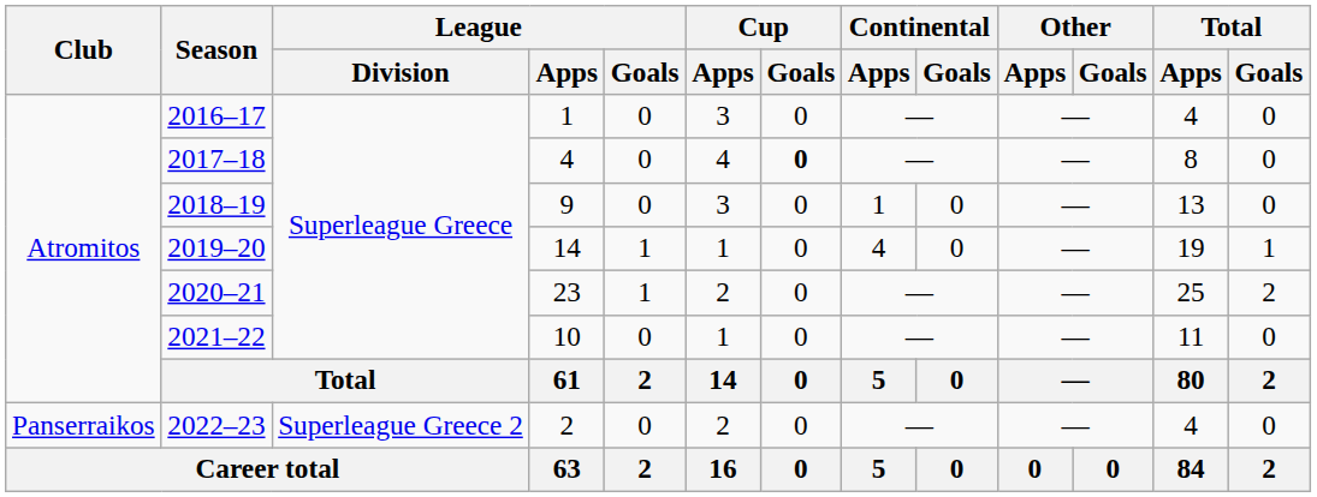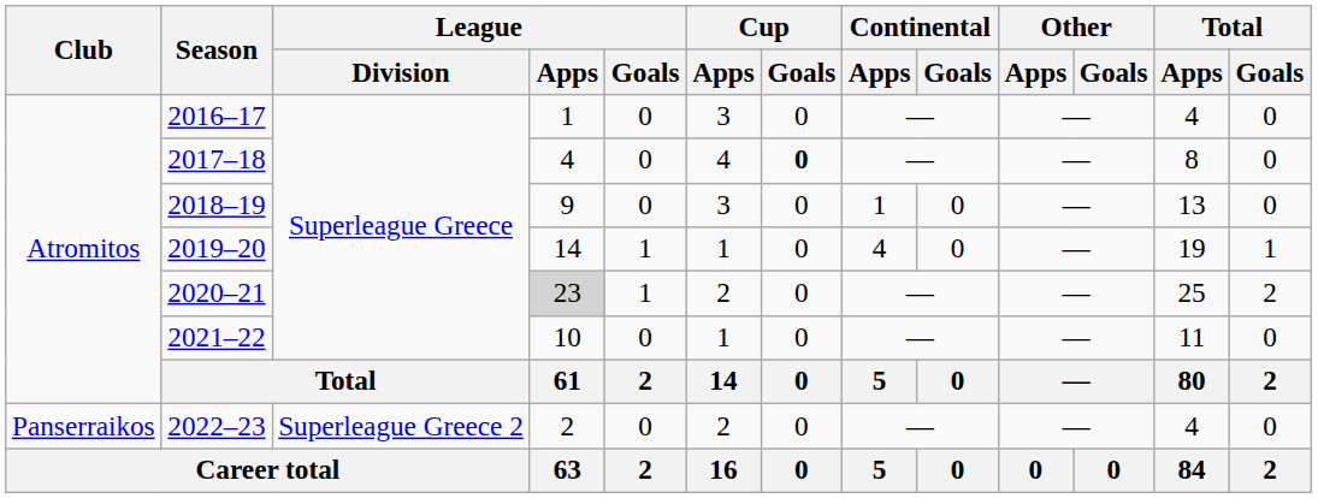 <table class="wikitable" style="text-align:center">
 <tr>
 <th rowspan=2>Club</th>
 <th rowspan=2>Season</th>
 <th colspan=3>League</th>
 <th colspan=2>Cup</th>
 <th colspan=2>Continental</th>
 <th colspan=2>Other</th>
 <th colspan=2>Total</th>
 </tr>
 <tr>
 <th>Division</th>
 <th>Apps</th>
 <th>Goals</th>
 <th>Apps</th>
 <th>Goals</th>
 <th>Apps</th>
 <th>Goals</th>
 <th>Apps</th>
 <th>Goals</th>
 <th>Apps</th>
 <th>Goals</th>
 </tr>
 <tr>
 <td rowspan="7"><a href='#'>Atromitos</a></td>
 <td><a href='#'>2016–17</a></td>
 <td rowspan="6"><a href='#'>Superleague Greece</a></td>
 <td>1</td>
 <td>0</td>
 <td>3</td>
 <td>0</td>
 <td colspan="2">—</td>
 <td colspan="2">—</td>
 <td>4</td>
 <td>0</td>
 </tr>
 <tr>
 <td><a href='#'>2017–18</a></td>
 <td>4</td>
 <td>0</td>
 <td>4</td>
 <td><strong>0</strong></td>
 <td colspan="2">—</td>
 <td colspan="2">—</td>
 <td>8</td>
 <td>0</td>
 </tr>
 <tr>
 <td><a href='#'>2018–19</a></td>
 <td>9</td>
 <td>0</td>
 <td>3</td>
 <td>0</td>
 <td>1</td>
 <td>0</td>
 <td colspan="2">—</td>
 <td>13</td>
 <td>0</td>
 </tr>
 <tr>
 <td><a href='#'>2019–20</a></td>
 <td>14</td>
 <td>1</td>
 <td>1</td>
 <td>0</td>
 <td>4</td>
 <td>0</td>
 <td colspan="2">—</td>
 <td>19</td>
 <td>1</td>
 </tr>
 <tr>
 <td><a href='#'>2020–21</a></td>
-<td>23</td>
+<td style="background: lightgrey;">23</td>
 <td>1</td>
 <td>2</td>
 <td>0</td>
 <td colspan="2">—</td>
 <td colspan="2">—</td>
 <td>25</td>
 <td>2</td>
 </tr>
 <tr>
 <td><a href='#'>2021–22</a></td>
 <td>10</td>
 <td>0</td>
 <td>1</td>
 <td>0</td>
 <td colspan="2">—</td>
 <td colspan="2">—</td>
 <td>11</td>
 <td>0</td>
 </tr>
 <tr>
 <th colspan="2">Total</th>
 <th>61</th>
 <th>2</th>
 <th>14</th>
 <th>0</th>
 <th>5</th>
 <th>0</th>
 <th colspan="2">—</th>
 <th>80</th>
 <th>2</th>
 </tr>
 <tr>
 <td><a href='#'>Panserraikos</a></td>
 <td><a href='#'>2022–23</a></td>
 <td><a href='#'>Superleague Greece 2</a></td>
 <td>2</td>
 <td>0</td>
 <td>2</td>
 <td>0</td>
 <td colspan="2">—</td>
 <td colspan="2">—</td>
 <td>4</td>
 <td>0</td>
 </tr>
 <tr>
 <th colspan="3">Career total</th>
 <th>63</th>
 <th>2</th>
 <th>16</th>
 <th>0</th>
 <th>5</th>
 <th>0</th>
 <th>0</th>
 <th>0</th>
 <th>84</th>
 <th>2</th>
 </tr>
 </table>
